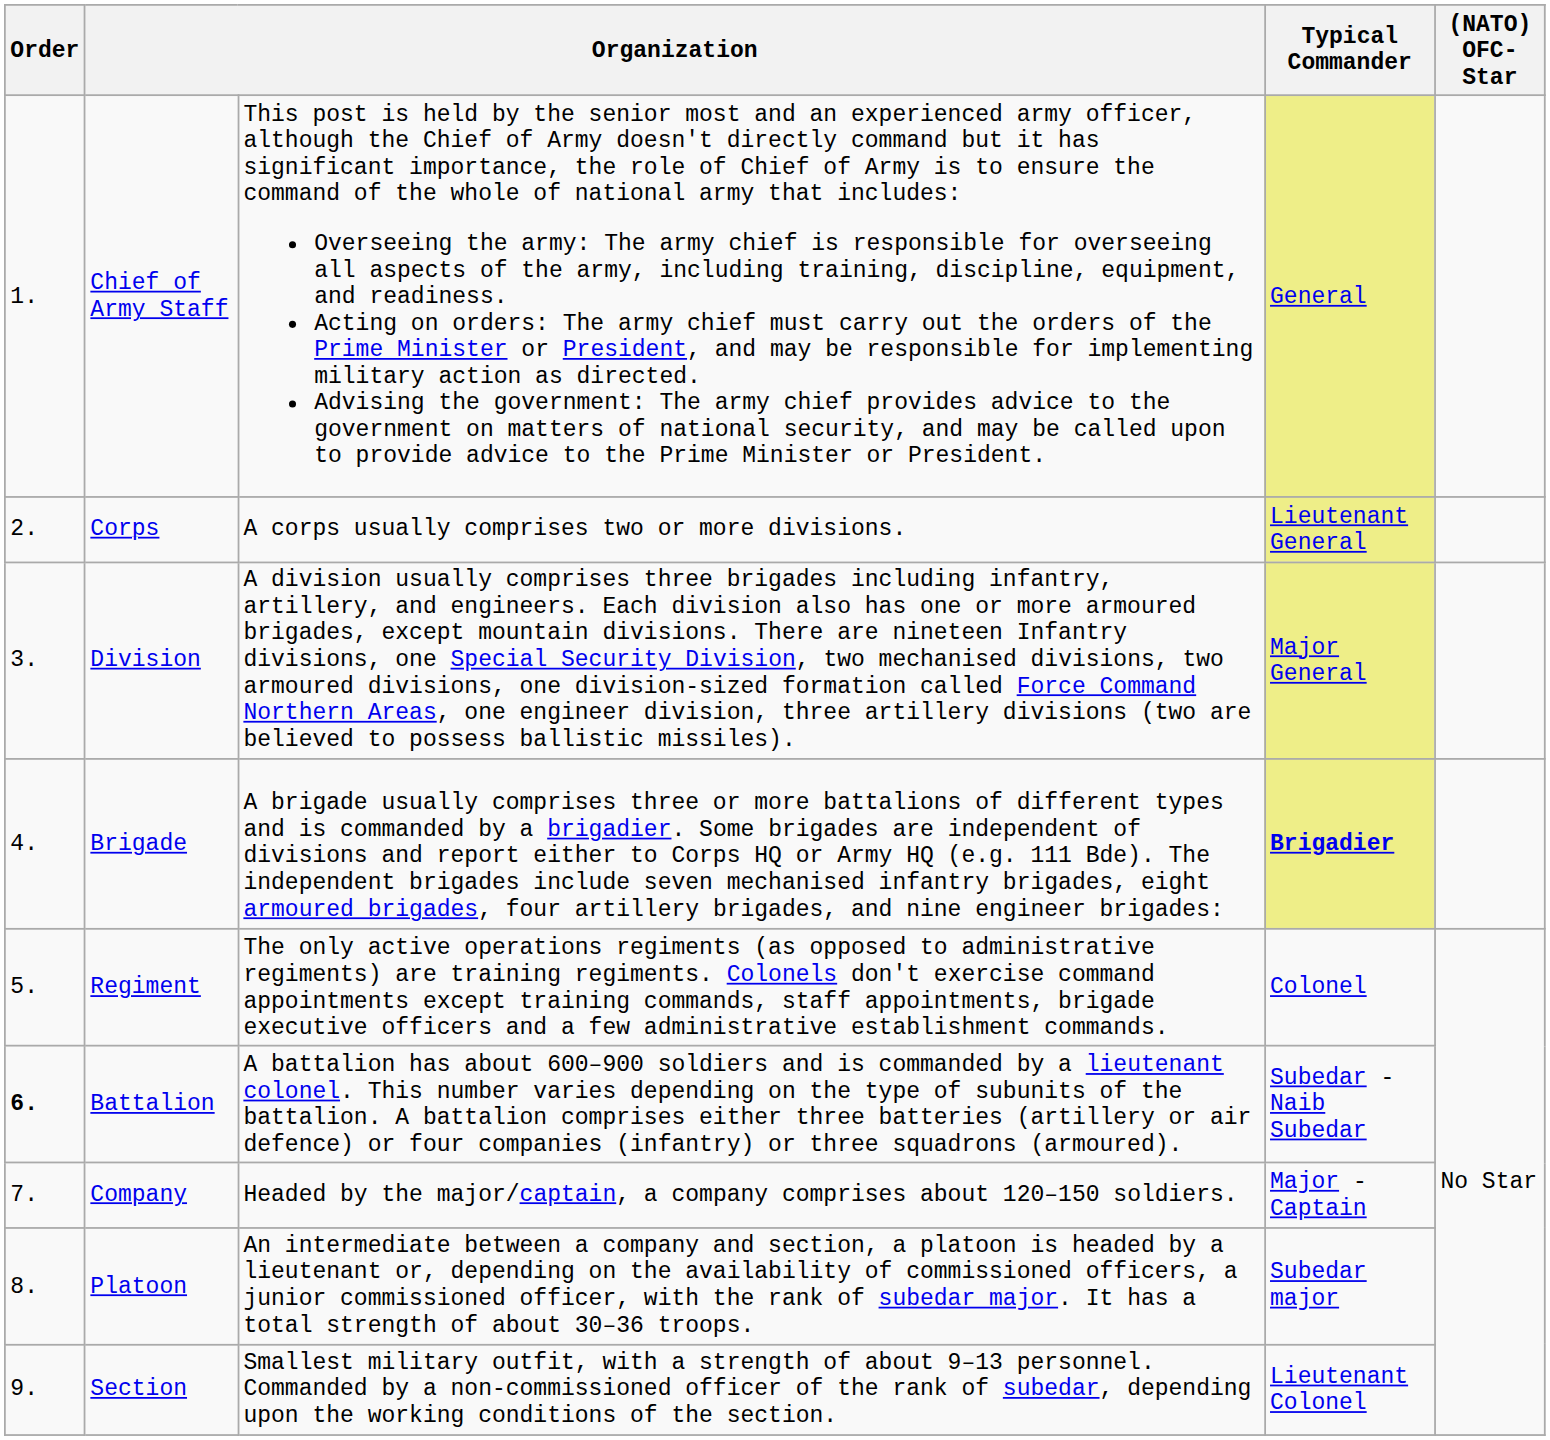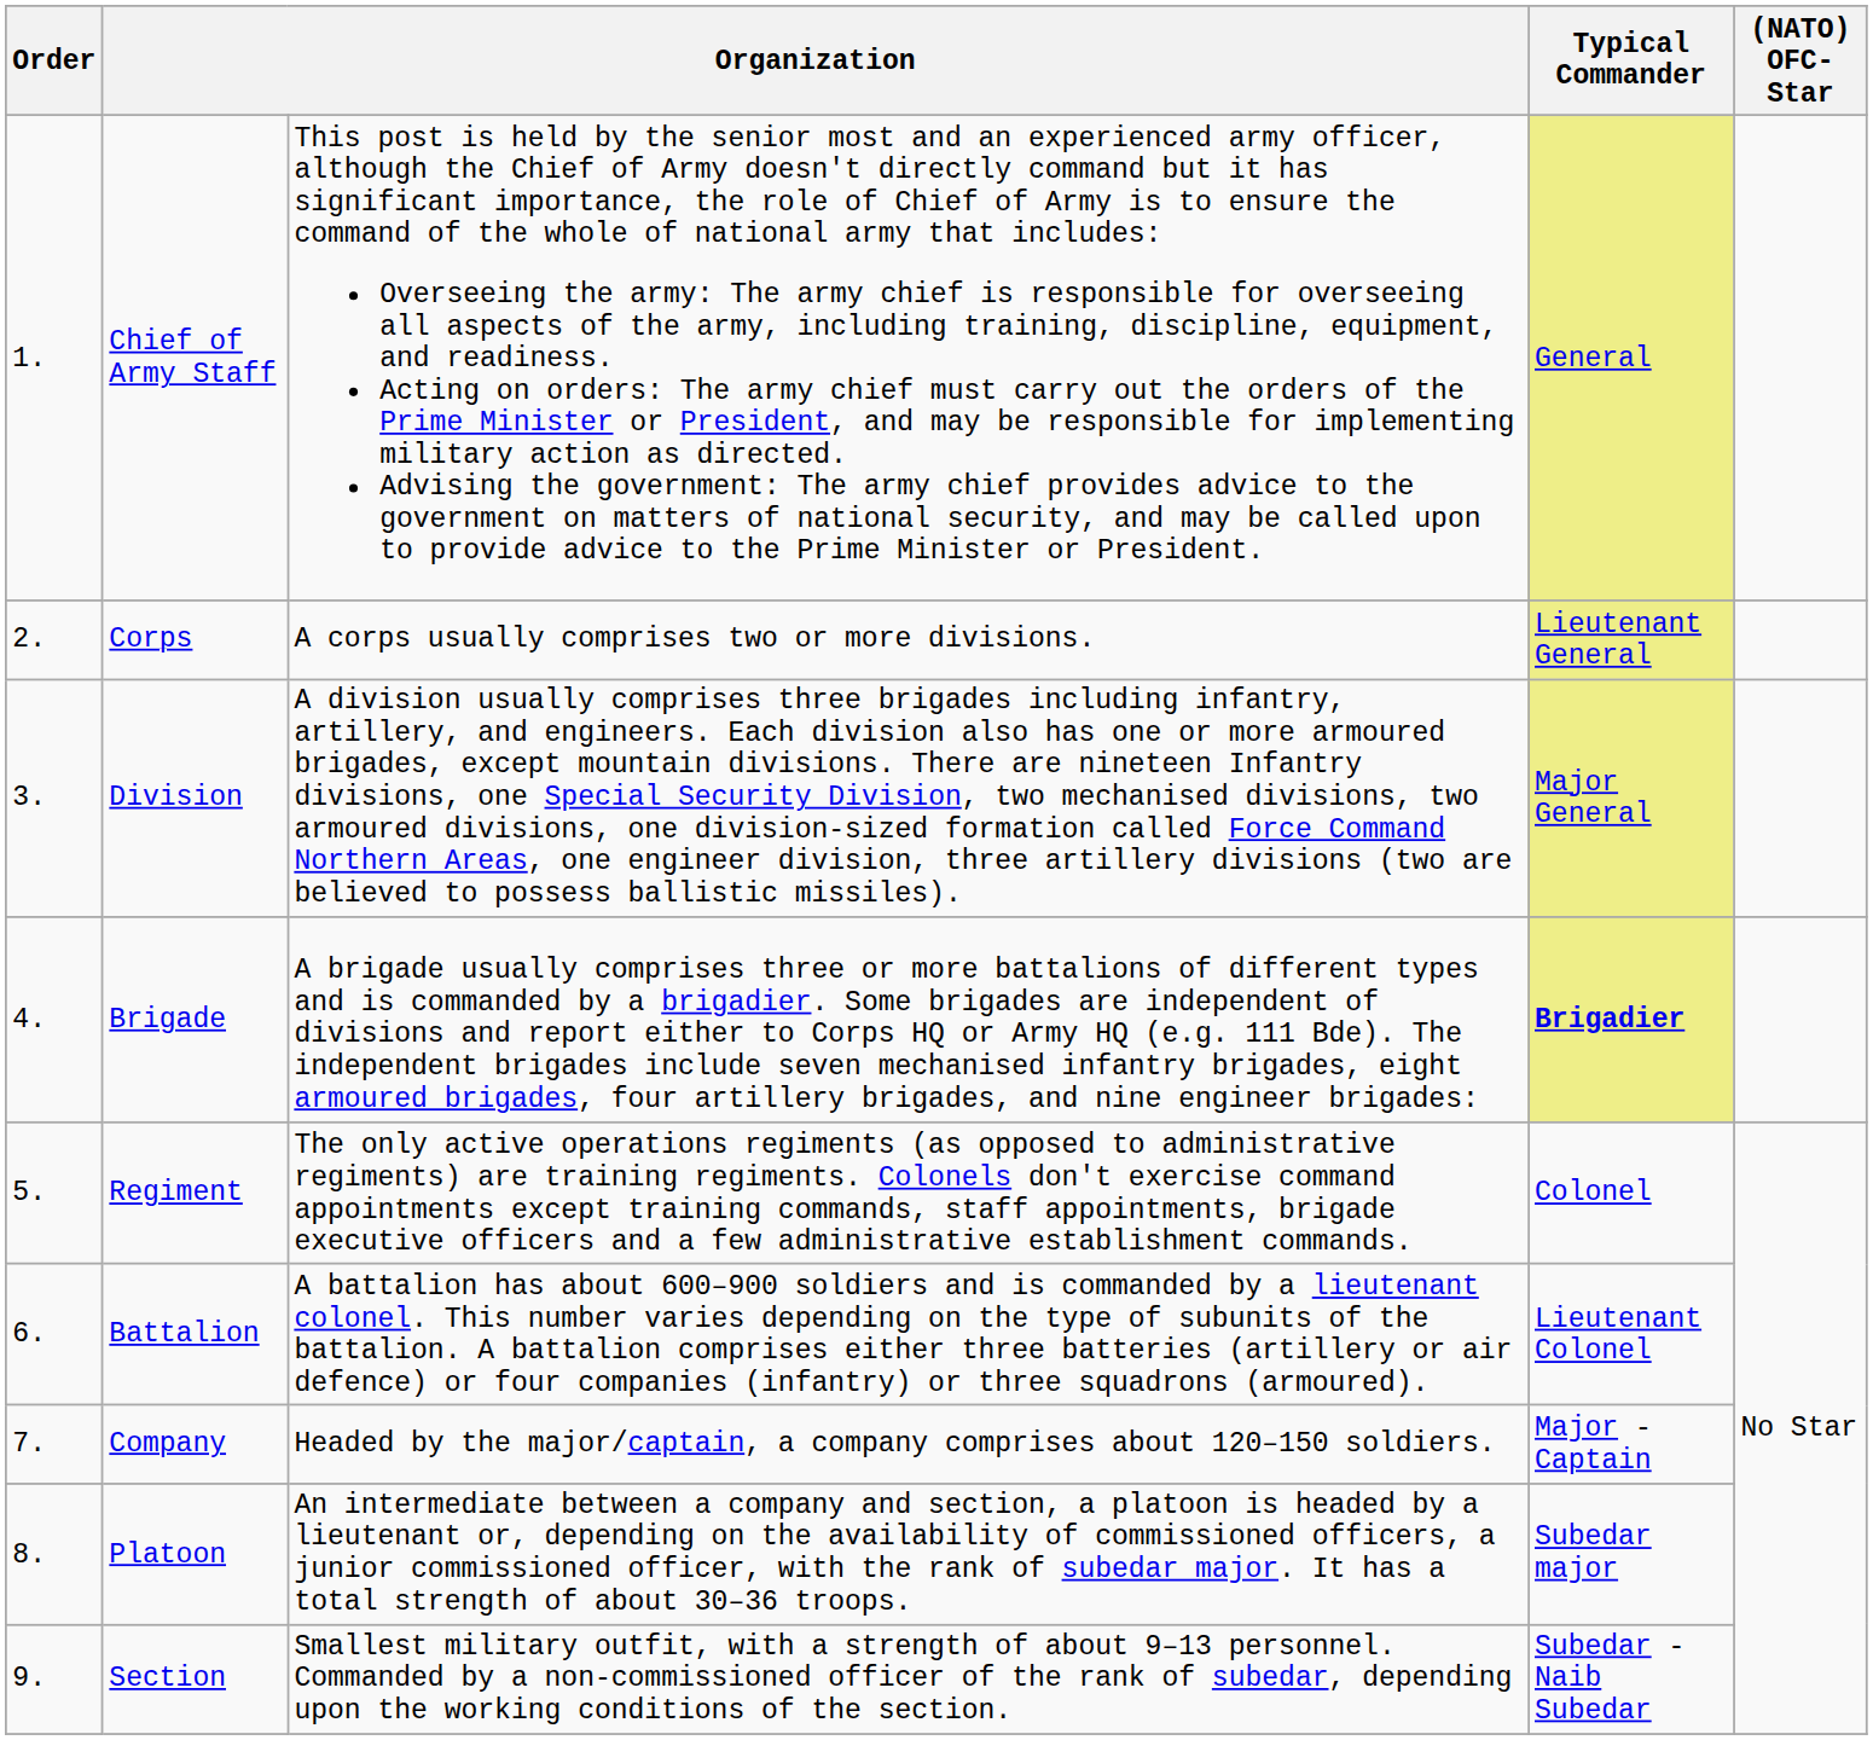 <table class="wikitable">
 <tr>
 <th>Order</th>
 <th colspan="2">Organization</th>
 <th>Typical Commander</th>
 <th>(NATO) OFC-Star</th>
 </tr>
 <tr>
 <td>1.</td>
 <td><a href='#'>Chief of Army Staff</a></td>
 <td>This post is held by the senior most and an experienced army officer, although the Chief of Army doesn't directly command but it has significant importance, the role of Chief of Army is to ensure the command of the whole of national army that includes:<br><ul><li>Overseeing the army: The army chief is responsible for overseeing all aspects of the army, including training, discipline, equipment, and readiness.</li><li>Acting on orders: The army chief must carry out the orders of the <a href='#'>Prime Minister</a> or <a href='#'>President</a>, and may be responsible for implementing military action as directed.</li><li>Advising the government: The army chief provides advice to the government on matters of national security, and may be called upon to provide advice to the Prime Minister or President.</li></ul></td>
 <td style="background:#EEEE88"><a href='#'>General</a></td>
 <td></td>
 </tr>
 <tr>
 <td>2.</td>
 <td><a href='#'>Corps</a></td>
 <td>A corps usually comprises two or more divisions.</td>
 <td style="background:#EEEE88"><a href='#'>Lieutenant General</a></td>
 <td></td>
 </tr>
 <tr>
 <td>3.</td>
 <td><a href='#'>Division</a></td>
 <td>A division usually comprises three brigades including infantry, artillery, and engineers. Each division also has one or more armoured brigades, except mountain divisions. There are nineteen Infantry divisions, one <a href='#'>Special Security Division</a>, two mechanised divisions, two armoured divisions, one division-sized formation called <a href='#'>Force Command Northern Areas</a>, one engineer division, three artillery divisions (two are believed to possess ballistic missiles).</td>
 <td style="background:#EEEE88"><a href='#'>Major General</a></td>
 <td></td>
 </tr>
 <tr>
 <td>4.</td>
 <td><a href='#'>Brigade</a></td>
 <td><br>A brigade usually comprises three or more battalions of different types and is commanded by a <a href='#'>brigadier</a>. Some brigades are independent of divisions and report either to Corps HQ or Army HQ (e.g. 111 Bde). The independent brigades include seven mechanised infantry brigades, eight <a href='#'>armoured brigades</a>, four artillery brigades, and nine engineer brigades:</td>
 <td style="background:#EEEE88"><strong><a href='#'>Brigadier</a></strong></td>
 <td></td>
 </tr>
 <tr>
 <td>5.</td>
 <td><a href='#'>Regiment</a></td>
 <td>The only active operations regiments (as opposed to administrative regiments) are training regiments. <a href='#'>Colonels</a> don't exercise command appointments except training commands, staff appointments, brigade executive officers and a few administrative establishment commands.</td>
 <td><a href='#'>Colonel</a></td>
 <td rowspan="5">No Star</td>
 </tr>
 <tr>
-<td><strong>6.</strong></td>
+<td>6.</td>
 <td><a href='#'>Battalion</a></td>
 <td>A battalion has about 600–900 soldiers and is commanded by a <a href='#'>lieutenant colonel</a>. This number varies depending on the type of subunits of the battalion.  A battalion comprises either three batteries (artillery or air defence) or four companies (infantry) or three squadrons (armoured).</td>
-<td><a href='#'>Subedar</a> - <a href='#'>Naib Subedar</a></td>
+<td><a href='#'>Lieutenant Colonel</a></td>
 </tr>
 <tr>
 <td>7.</td>
 <td><a href='#'>Company</a></td>
 <td>Headed by the major/<a href='#'>captain</a>, a company comprises about 120–150 soldiers.</td>
 <td><a href='#'>Major</a> -<br><a href='#'>Captain</a></td>
 </tr>
 <tr>
 <td>8.</td>
 <td><a href='#'>Platoon</a></td>
 <td>An intermediate between a company and section, a platoon is headed by a lieutenant or, depending on the availability of commissioned officers, a junior commissioned officer, with the rank of <a href='#'>subedar major</a>. It has a total strength of about 30–36 troops.</td>
 <td><a href='#'>Subedar major</a></td>
 </tr>
 <tr>
 <td>9.</td>
 <td><a href='#'>Section</a></td>
 <td>Smallest military outfit, with a strength of about 9–13 personnel. Commanded by a non-commissioned officer of the rank of <a href='#'>subedar</a>, depending upon the working conditions of the section.</td>
-<td><a href='#'>Lieutenant Colonel</a></td>
+<td><a href='#'>Subedar</a> - <a href='#'>Naib Subedar</a></td>
 </tr>
 </table>
